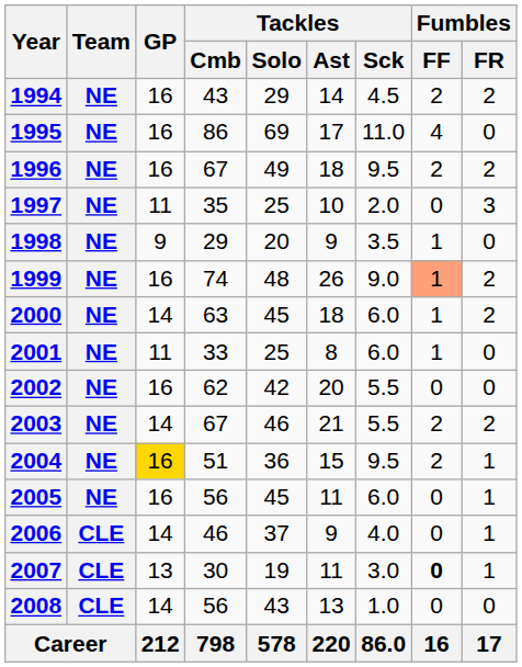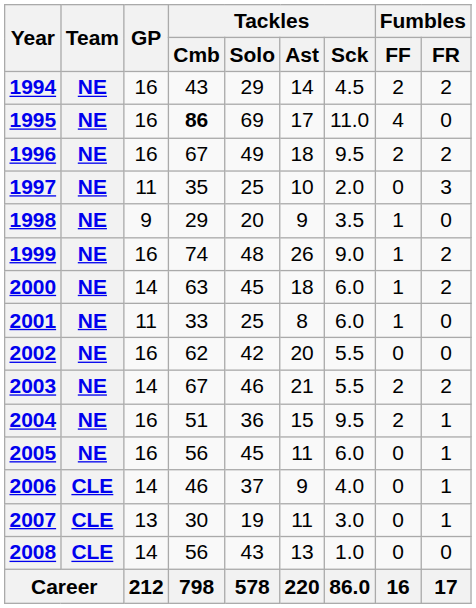 <table class="wikitable" style="text-align: center;">
 <tr>
 <th rowspan="2">Year</th>
 <th rowspan="2">Team</th>
 <th rowspan="2">GP</th>
 <th colspan="4">Tackles</th>
 <th colspan="2">Fumbles</th>
 </tr>
 <tr>
 <th>Cmb</th>
 <th>Solo</th>
 <th>Ast</th>
 <th>Sck</th>
 <th>FF</th>
 <th>FR</th>
 </tr>
 <tr>
 <th><a href='#'>1994</a></th>
 <th><a href='#'>NE</a></th>
 <td>16</td>
 <td>43</td>
 <td>29</td>
 <td>14</td>
 <td>4.5</td>
 <td>2</td>
 <td>2</td>
 </tr>
 <tr>
 <th><a href='#'>1995</a></th>
 <th><a href='#'>NE</a></th>
 <td>16</td>
-<td>86</td>
+<td><strong>86</strong></td>
 <td>69</td>
 <td>17</td>
 <td>11.0</td>
 <td>4</td>
 <td>0</td>
 </tr>
 <tr>
 <th><a href='#'>1996</a></th>
 <th><a href='#'>NE</a></th>
 <td>16</td>
 <td>67</td>
 <td>49</td>
 <td>18</td>
 <td>9.5</td>
 <td>2</td>
 <td>2</td>
 </tr>
 <tr>
 <th><a href='#'>1997</a></th>
 <th><a href='#'>NE</a></th>
 <td>11</td>
 <td>35</td>
 <td>25</td>
 <td>10</td>
 <td>2.0</td>
 <td>0</td>
 <td>3</td>
 </tr>
 <tr>
 <th><a href='#'>1998</a></th>
 <th><a href='#'>NE</a></th>
 <td>9</td>
 <td>29</td>
 <td>20</td>
 <td>9</td>
 <td>3.5</td>
 <td>1</td>
 <td>0</td>
 </tr>
 <tr>
 <th><a href='#'>1999</a></th>
 <th><a href='#'>NE</a></th>
 <td>16</td>
 <td>74</td>
 <td>48</td>
 <td>26</td>
 <td>9.0</td>
-<td style="background: lightsalmon;">1</td>
+<td>1</td>
 <td>2</td>
 </tr>
 <tr>
 <th><a href='#'>2000</a></th>
 <th><a href='#'>NE</a></th>
 <td>14</td>
 <td>63</td>
 <td>45</td>
 <td>18</td>
 <td>6.0</td>
 <td>1</td>
 <td>2</td>
 </tr>
 <tr>
 <th><a href='#'>2001</a></th>
 <th><a href='#'>NE</a></th>
 <td>11</td>
 <td>33</td>
 <td>25</td>
 <td>8</td>
 <td>6.0</td>
 <td>1</td>
 <td>0</td>
 </tr>
 <tr>
 <th><a href='#'>2002</a></th>
 <th><a href='#'>NE</a></th>
 <td>16</td>
 <td>62</td>
 <td>42</td>
 <td>20</td>
 <td>5.5</td>
 <td>0</td>
 <td>0</td>
 </tr>
 <tr>
 <th><a href='#'>2003</a></th>
 <th><a href='#'>NE</a></th>
 <td>14</td>
 <td>67</td>
 <td>46</td>
 <td>21</td>
 <td>5.5</td>
 <td>2</td>
 <td>2</td>
 </tr>
 <tr>
 <th><a href='#'>2004</a></th>
 <th><a href='#'>NE</a></th>
-<td style="background: gold;">16</td>
+<td>16</td>
 <td>51</td>
 <td>36</td>
 <td>15</td>
 <td>9.5</td>
 <td>2</td>
 <td>1</td>
 </tr>
 <tr>
 <th><a href='#'>2005</a></th>
 <th><a href='#'>NE</a></th>
 <td>16</td>
 <td>56</td>
 <td>45</td>
 <td>11</td>
 <td>6.0</td>
 <td>0</td>
 <td>1</td>
 </tr>
 <tr>
 <th><a href='#'>2006</a></th>
 <th><a href='#'>CLE</a></th>
 <td>14</td>
 <td>46</td>
 <td>37</td>
 <td>9</td>
 <td>4.0</td>
 <td>0</td>
 <td>1</td>
 </tr>
 <tr>
 <th><a href='#'>2007</a></th>
 <th><a href='#'>CLE</a></th>
 <td>13</td>
 <td>30</td>
 <td>19</td>
 <td>11</td>
 <td>3.0</td>
-<td><strong>0</strong></td>
+<td>0</td>
 <td>1</td>
 </tr>
 <tr>
 <th><a href='#'>2008</a></th>
 <th><a href='#'>CLE</a></th>
 <td>14</td>
 <td>56</td>
 <td>43</td>
 <td>13</td>
 <td>1.0</td>
 <td>0</td>
 <td>0</td>
 </tr>
 <tr>
 <th colspan="2">Career</th>
 <th>212</th>
 <th>798</th>
 <th>578</th>
 <th>220</th>
 <th>86.0</th>
 <th>16</th>
 <th>17</th>
 </tr>
 </table>
